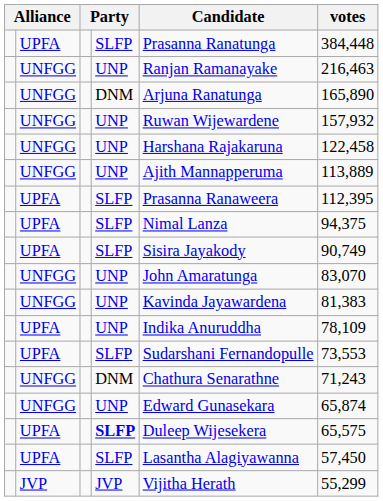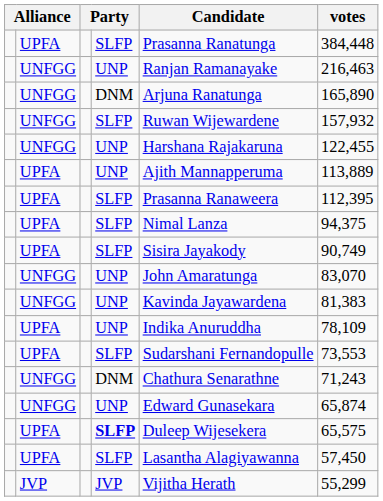 <table class="wikitable sortable mw-collapsible">
 <tr>
 <th colspan="2">Alliance</th>
 <th colspan="2">Party</th>
 <th>Candidate</th>
 <th>votes</th>
 </tr>
 <tr>
 <td bgcolor=> </td>
 <td align=left><a href='#'>UPFA</a></td>
 <td bgcolor=> </td>
 <td align=left><a href='#'>SLFP</a></td>
 <td><a href='#'>Prasanna Ranatunga</a></td>
 <td>384,448</td>
 </tr>
 <tr>
 <td bgcolor=> </td>
 <td align=left><a href='#'>UNFGG</a></td>
 <td bgcolor=> </td>
 <td align=left><a href='#'>UNP</a></td>
 <td><a href='#'>Ranjan Ramanayake</a></td>
 <td>216,463</td>
 </tr>
 <tr>
 <td bgcolor=> </td>
 <td align=left><a href='#'>UNFGG</a></td>
 <td bgcolor=> </td>
 <td align=left>DNM</td>
 <td><a href='#'>Arjuna Ranatunga</a></td>
 <td>165,890</td>
 </tr>
 <tr>
 <td bgcolor=> </td>
 <td align=left><a href='#'>UNFGG</a></td>
 <td bgcolor=> </td>
-<td align=left><a href='#'>UNP</a></td>
+<td align=left><a href='#'>SLFP</a></td>
 <td><a href='#'>Ruwan Wijewardene</a></td>
 <td>157,932</td>
 </tr>
 <tr>
 <td bgcolor=> </td>
 <td align=left><a href='#'>UNFGG</a></td>
 <td bgcolor=> </td>
 <td align=left><a href='#'>UNP</a></td>
 <td><a href='#'>Harshana Rajakaruna</a></td>
-<td>122,458</td>
+<td>122,455</td>
 </tr>
 <tr>
 <td bgcolor=> </td>
-<td align=left><a href='#'>UNFGG</a></td>
+<td align=left><a href='#'>UPFA</a></td>
 <td bgcolor=> </td>
 <td align=left><a href='#'>UNP</a></td>
 <td><a href='#'>Ajith Mannapperuma</a></td>
 <td>113,889</td>
 </tr>
 <tr>
 <td bgcolor=> </td>
 <td align=left><a href='#'>UPFA</a></td>
 <td bgcolor=> </td>
 <td align=left><a href='#'>SLFP</a></td>
 <td><a href='#'>Prasanna Ranaweera</a></td>
 <td>112,395</td>
 </tr>
 <tr>
 <td bgcolor=> </td>
 <td align=left><a href='#'>UPFA</a></td>
 <td bgcolor=> </td>
 <td align=left><a href='#'>SLFP</a></td>
 <td><a href='#'>Nimal Lanza</a></td>
 <td>94,375</td>
 </tr>
 <tr>
 <td bgcolor=> </td>
 <td align=left><a href='#'>UPFA</a></td>
 <td bgcolor=> </td>
 <td align=left><a href='#'>SLFP</a></td>
 <td><a href='#'>Sisira Jayakody</a></td>
 <td>90,749</td>
 </tr>
 <tr>
 <td bgcolor=> </td>
 <td align=left><a href='#'>UNFGG</a></td>
 <td bgcolor=> </td>
 <td align=left><a href='#'>UNP</a></td>
 <td><a href='#'>John Amaratunga</a></td>
 <td>83,070</td>
 </tr>
 <tr>
 <td bgcolor=> </td>
 <td align=left><a href='#'>UNFGG</a></td>
 <td bgcolor=> </td>
 <td align=left><a href='#'>UNP</a></td>
 <td><a href='#'>Kavinda Jayawardena</a></td>
 <td>81,383</td>
 </tr>
 <tr>
 <td bgcolor=> </td>
 <td align=left><a href='#'>UPFA</a></td>
 <td bgcolor=> </td>
 <td align=left><a href='#'>UNP</a></td>
 <td><a href='#'>Indika Anuruddha</a></td>
 <td>78,109</td>
 </tr>
 <tr>
 <td bgcolor=> </td>
 <td align=left><a href='#'>UPFA</a></td>
 <td bgcolor=> </td>
 <td align=left><a href='#'>SLFP</a></td>
 <td><a href='#'>Sudarshani Fernandopulle</a></td>
 <td>73,553</td>
 </tr>
 <tr>
 <td bgcolor=> </td>
 <td align=left><a href='#'>UNFGG</a></td>
 <td bgcolor=> </td>
 <td align=left>DNM</td>
 <td><a href='#'>Chathura Senarathne</a></td>
 <td>71,243</td>
 </tr>
 <tr>
 <td bgcolor=> </td>
 <td align=left><a href='#'>UNFGG</a></td>
 <td bgcolor=> </td>
 <td align=left><a href='#'>UNP</a></td>
 <td><a href='#'>Edward Gunasekara</a></td>
 <td>65,874</td>
 </tr>
 <tr>
 <td bgcolor=> </td>
 <td align=left><a href='#'>UPFA</a></td>
 <td bgcolor=> </td>
 <td align=left><strong><a href='#'>SLFP</a></strong></td>
 <td><a href='#'>Duleep Wijesekera</a></td>
 <td>65,575</td>
 </tr>
 <tr>
 <td bgcolor=> </td>
 <td align=left><a href='#'>UPFA</a></td>
 <td bgcolor=> </td>
 <td align=left><a href='#'>SLFP</a></td>
 <td><a href='#'>Lasantha Alagiyawanna</a></td>
 <td>57,450</td>
 </tr>
 <tr>
 <td bgcolor=> </td>
 <td align=left><a href='#'>JVP</a></td>
 <td bgcolor=> </td>
 <td align=left><a href='#'>JVP</a></td>
 <td><a href='#'>Vijitha Herath</a></td>
 <td>55,299</td>
 </tr>
 </table>
